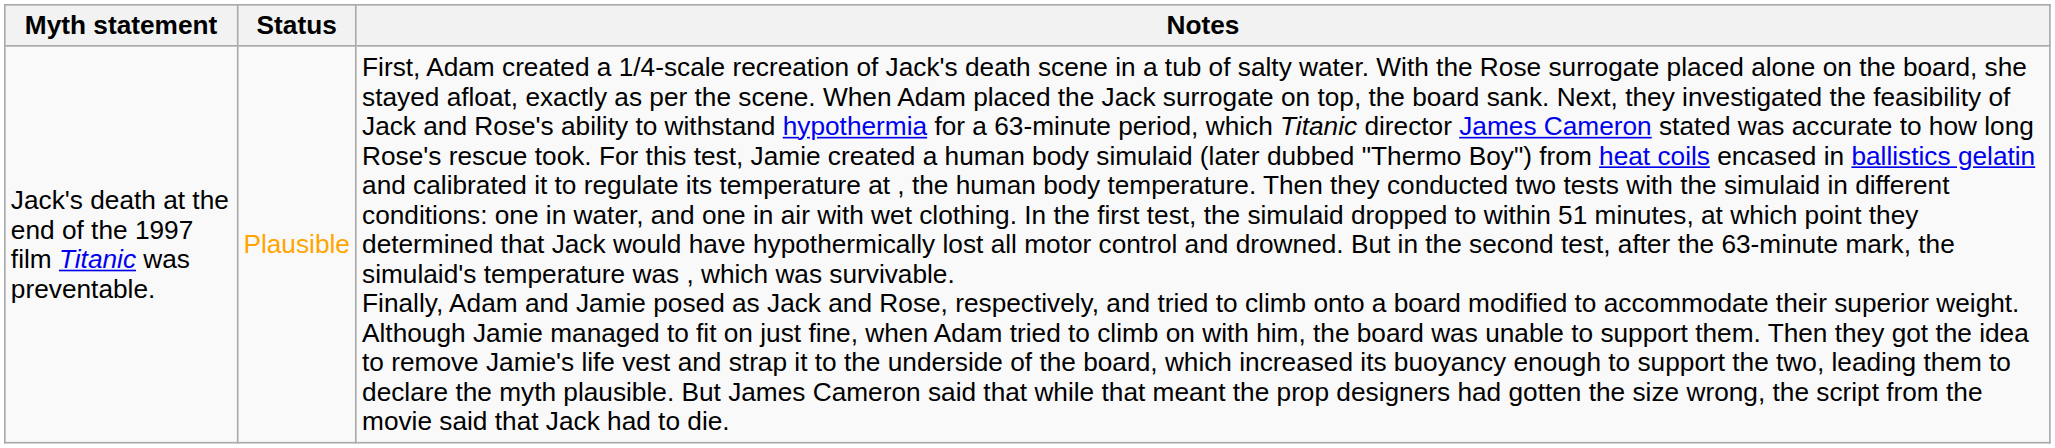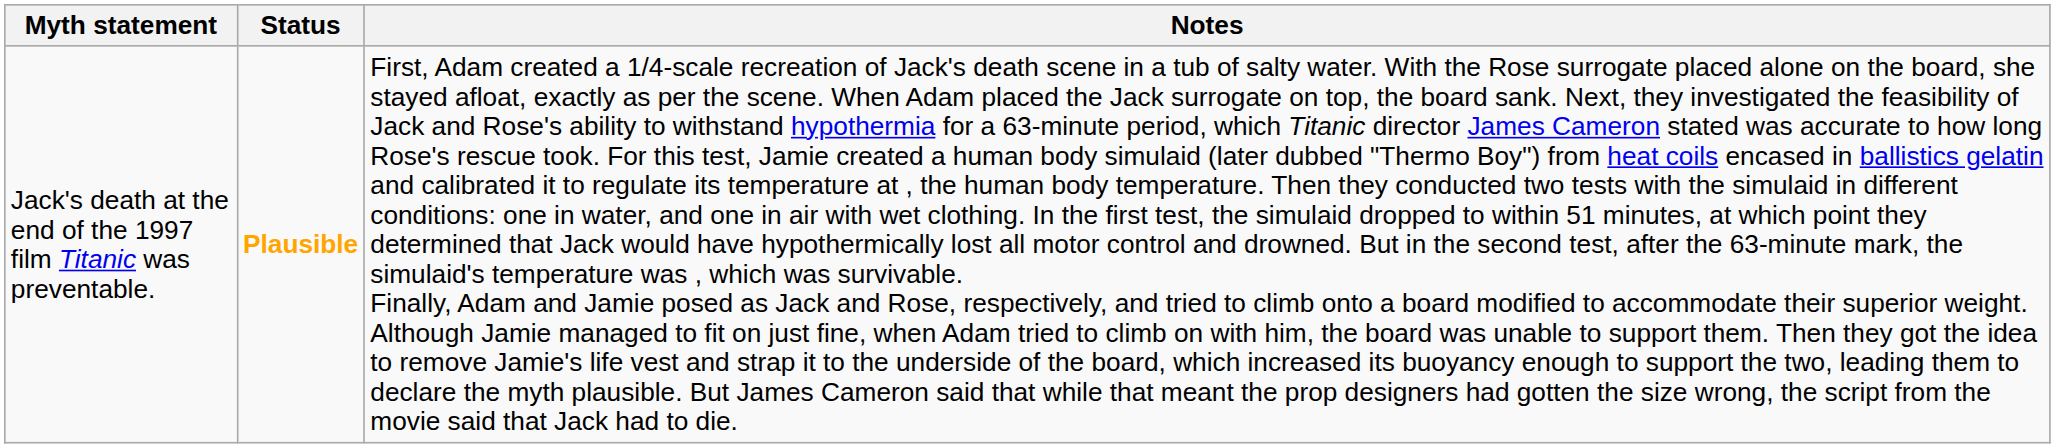 <table class="wikitable plainrowheaders">
 <tr>
 <th>Myth statement</th>
 <th>Status</th>
 <th>Notes</th>
 </tr>
 <tr>
 <td>Jack's death at the end of the 1997 film <em><a href='#'>Titanic</a></em> was preventable.</td>
-<td style="color:orange">Plausible</td>
+<td style="color:orange"><strong>Plausible</strong></td>
 <td>First, Adam created a 1/4-scale recreation of Jack's death scene in a tub of salty water. With the Rose surrogate placed alone on the board, she stayed afloat, exactly as per the scene. When Adam placed the Jack surrogate on top, the board sank. Next, they investigated the feasibility of Jack and Rose's ability to withstand <a href='#'>hypothermia</a> for a 63-minute period, which <em>Titanic</em> director <a href='#'>James Cameron</a> stated was accurate to how long Rose's rescue took. For this test, Jamie created a human body simulaid (later dubbed "Thermo Boy") from <a href='#'>heat coils</a> encased in <a href='#'>ballistics gelatin</a> and calibrated it to regulate its temperature at , the human body temperature. Then they conducted two tests with the simulaid in different  conditions: one in water, and one in air with wet clothing. In the first test, the simulaid dropped to  within 51 minutes, at which point they determined that Jack would have hypothermically lost all motor control and drowned. But in the second test, after the 63-minute mark, the simulaid's temperature was , which was survivable.<br>Finally, Adam and Jamie posed as Jack and Rose, respectively, and tried to climb onto a board modified to accommodate their superior weight. Although Jamie managed to fit on just fine, when Adam tried to climb on with him, the board was unable to support them. Then they got the idea to remove Jamie's life vest and strap it to the underside of the board, which increased its buoyancy enough to support the two, leading them to declare the myth plausible. But James Cameron said that while that meant the prop designers had gotten the size wrong, the script from the movie said that Jack had to die.</td>
 </tr>
 </table>
